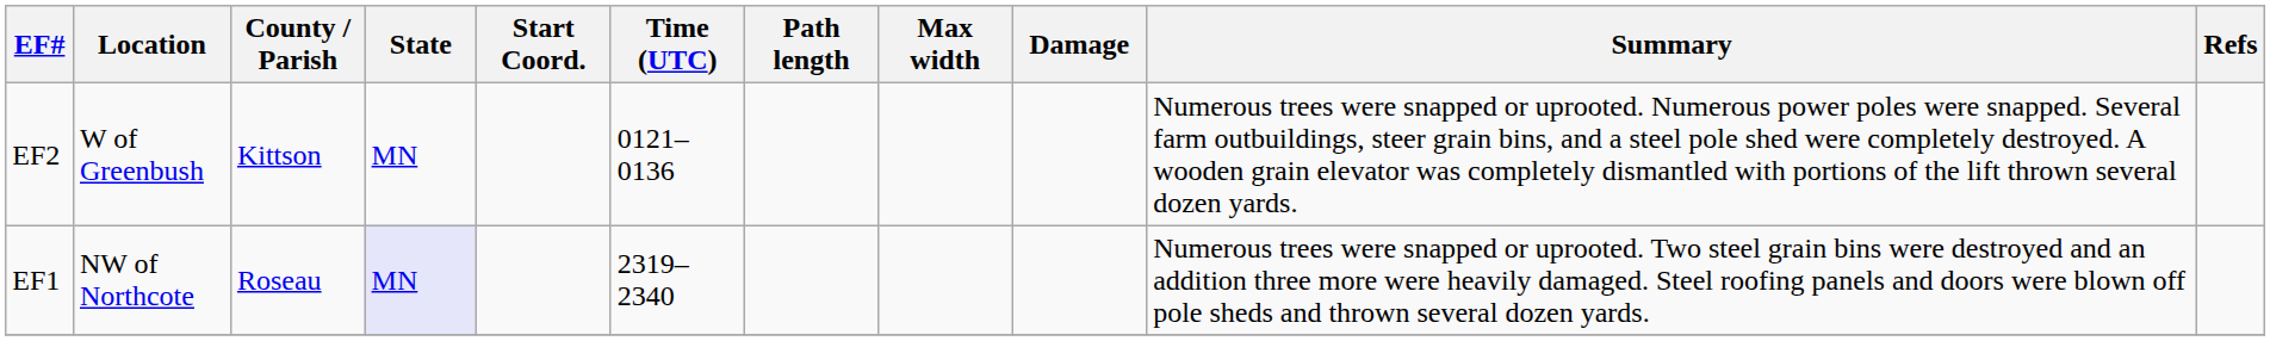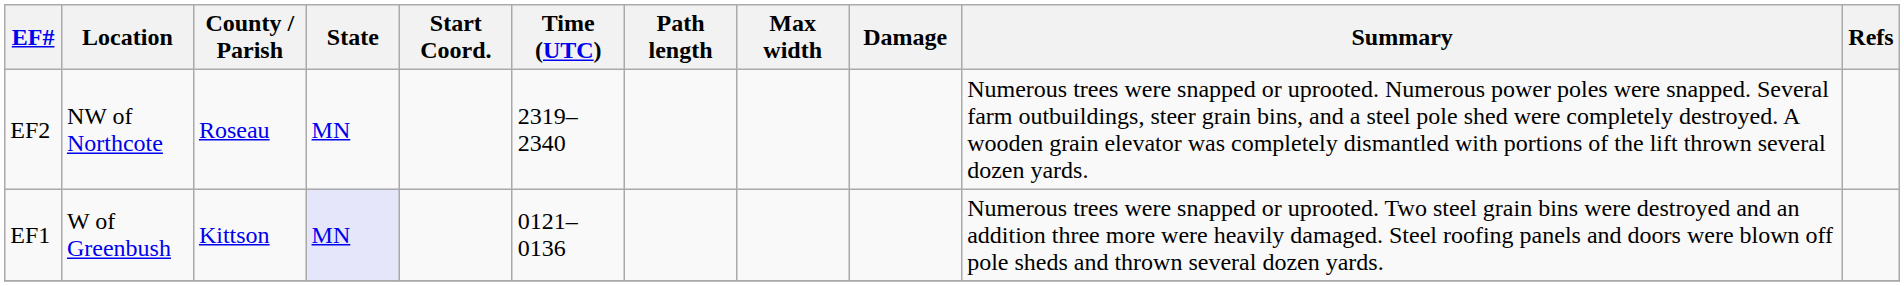 <table class="wikitable sortable" style="width:100%;">
 <tr>
 <th scope="col" width="3%" align="center"><a href='#'>EF#</a></th>
 <th scope="col" width="7%" align="center" class="unsortable">Location</th>
 <th scope="col" width="6%" align="center" class="unsortable">County / Parish</th>
 <th scope="col" width="5%" align="center">State</th>
 <th scope="col" width="6%" align="center">Start Coord.</th>
 <th scope="col" width="6%" align="center">Time (<a href='#'>UTC</a>)</th>
 <th scope="col" width="6%" align="center">Path length</th>
 <th scope="col" width="6%" align="center">Max width</th>
 <th scope="col" width="6%" align="center">Damage</th>
 <th scope="col" width="48%" class="unsortable" align="center">Summary</th>
 <th scope="col" width="48%" class="unsortable" align="center">Refs</th>
 </tr>
 <tr>
 <td>EF2</td>
-<td>W of <a href='#'>Greenbush</a></td>
-<td><a href='#'>Kittson</a></td>
+<td>NW of <a href='#'>Northcote</a></td>
+<td><a href='#'>Roseau</a></td>
 <td><a href='#'>MN</a></td>
 <td></td>
-<td>0121–0136</td>
+<td>2319–2340</td>
 <td></td>
 <td></td>
 <td></td>
 <td>Numerous trees were snapped or uprooted. Numerous power poles were snapped. Several farm outbuildings, steer grain bins, and a steel pole shed were completely destroyed. A wooden grain elevator was completely dismantled with portions of the lift thrown several dozen yards.</td>
 <td></td>
 </tr>
 <tr>
 <td>EF1</td>
-<td>NW of <a href='#'>Northcote</a></td>
-<td><a href='#'>Roseau</a></td>
+<td>W of <a href='#'>Greenbush</a></td>
+<td><a href='#'>Kittson</a></td>
 <td style="background: lavender;"><a href='#'>MN</a></td>
 <td></td>
-<td>2319–2340</td>
+<td>0121–0136</td>
 <td></td>
 <td></td>
 <td></td>
 <td>Numerous trees were snapped or uprooted. Two steel grain bins were destroyed and an addition three more were heavily damaged. Steel roofing panels and doors were blown off pole sheds and thrown several dozen yards.</td>
 <td></td>
 </tr>
 <tr>
 </tr>
 </table>
